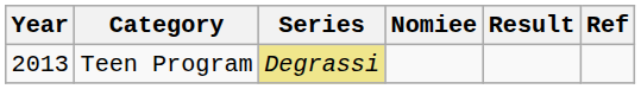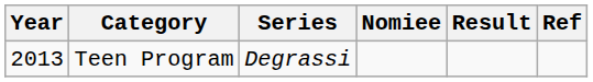 <table class="wikitable">
 <tr>
 <th>Year</th>
 <th>Category</th>
 <th>Series</th>
 <th>Nomiee</th>
 <th>Result</th>
 <th>Ref</th>
 </tr>
 <tr>
 <td rowspan=3>2013</td>
 <td>Teen Program</td>
-<td style="background: khaki;"><em>Degrassi</em></td>
+<td><em>Degrassi</em></td>
 <td></td>
 <td></td>
 <td></td>
 </tr>
 </table>
